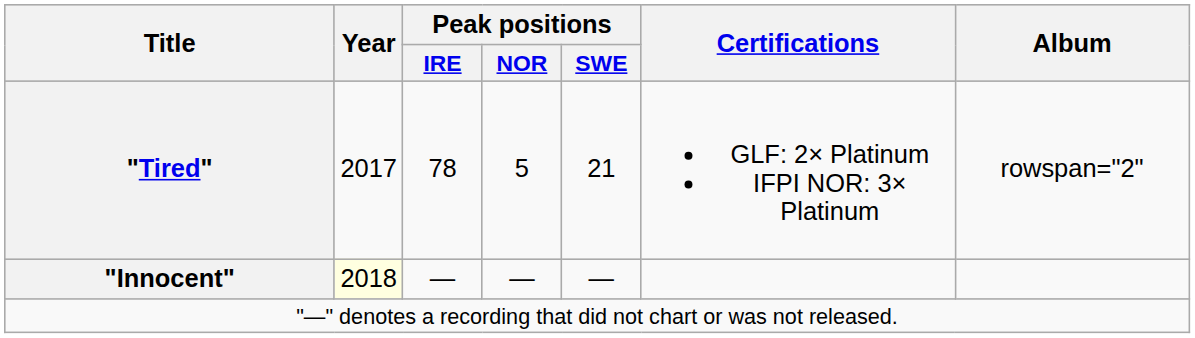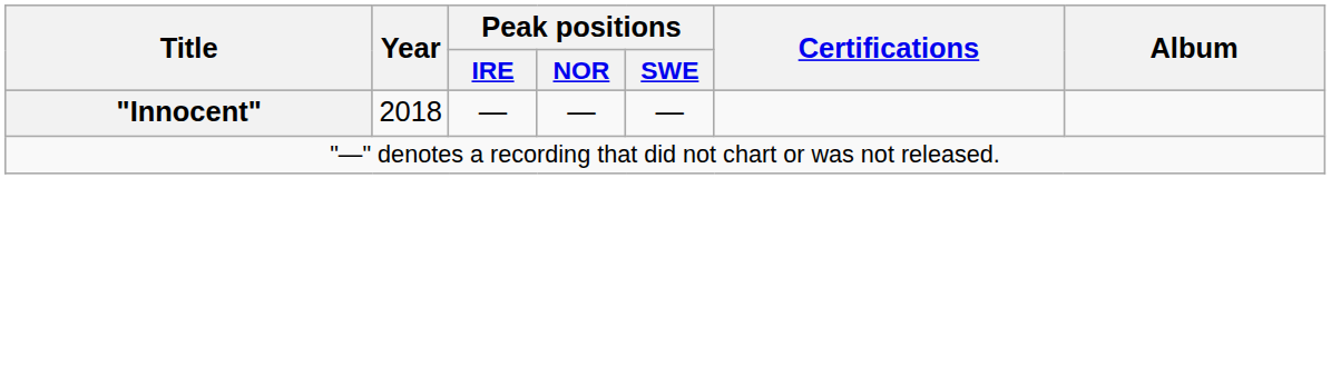 <table class="wikitable plainrowheaders" style="text-align:center;">
 <tr>
 <th rowspan="2" width="200">Title</th>
 <th rowspan="2" width="10">Year</th>
 <th colspan="3" width="20">Peak positions</th>
 <th rowspan="2" align="center" width="190"><a href='#'>Certifications</a></th>
 <th rowspan="2" width="140">Album</th>
 </tr>
 <tr>
 <th scope="col" style="width:3em;font-size:90%;"><a href='#'>IRE</a><br></th>
 <th scope="col" style="width:3em;font-size:90%;"><a href='#'>NOR</a><br></th>
 <th scope="col" style="width:3em;font-size:90%;"><a href='#'>SWE</a><br></th>
 </tr>
 <tr>
-<th scope="row">"<a href='#'>Tired</a>"<br></th>
-<td>2017</td>
-<td>78</td>
-<td>5<br></td>
-<td>21<br></td>
-<td><br><ul><li>GLF: 2× Platinum</li><li>IFPI NOR: 3× Platinum</li></ul></td>
-<td>rowspan="2" </td>
-</tr>
-<tr>
 <th scope="row">"Innocent"<br></th>
-<td style="background: lightyellow;">2018</td>
+<td>2018</td>
 <td>—</td>
 <td>—</td>
 <td>—</td>
 <td></td>
 </tr>
 <tr>
 <td colspan="7" style="font-size:85%">"—" denotes a recording that did not chart or was not released.</td>
 </tr>
 </table>
